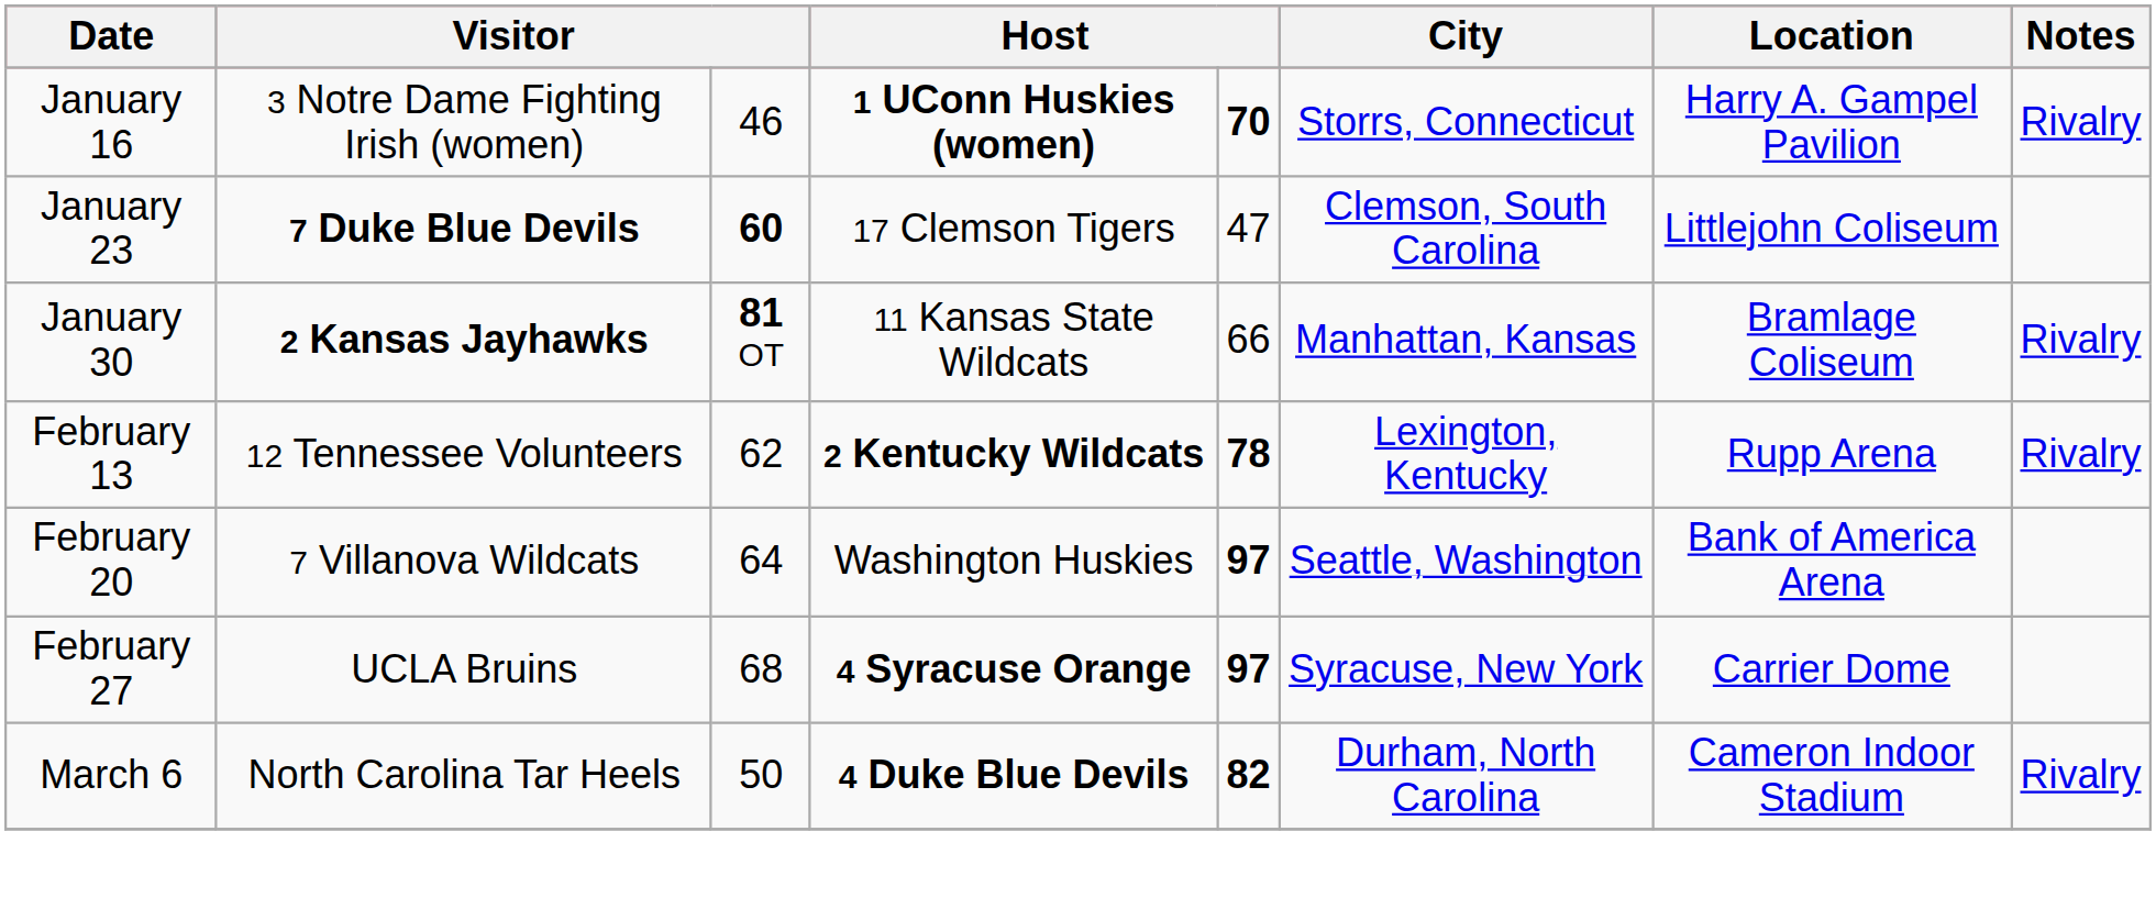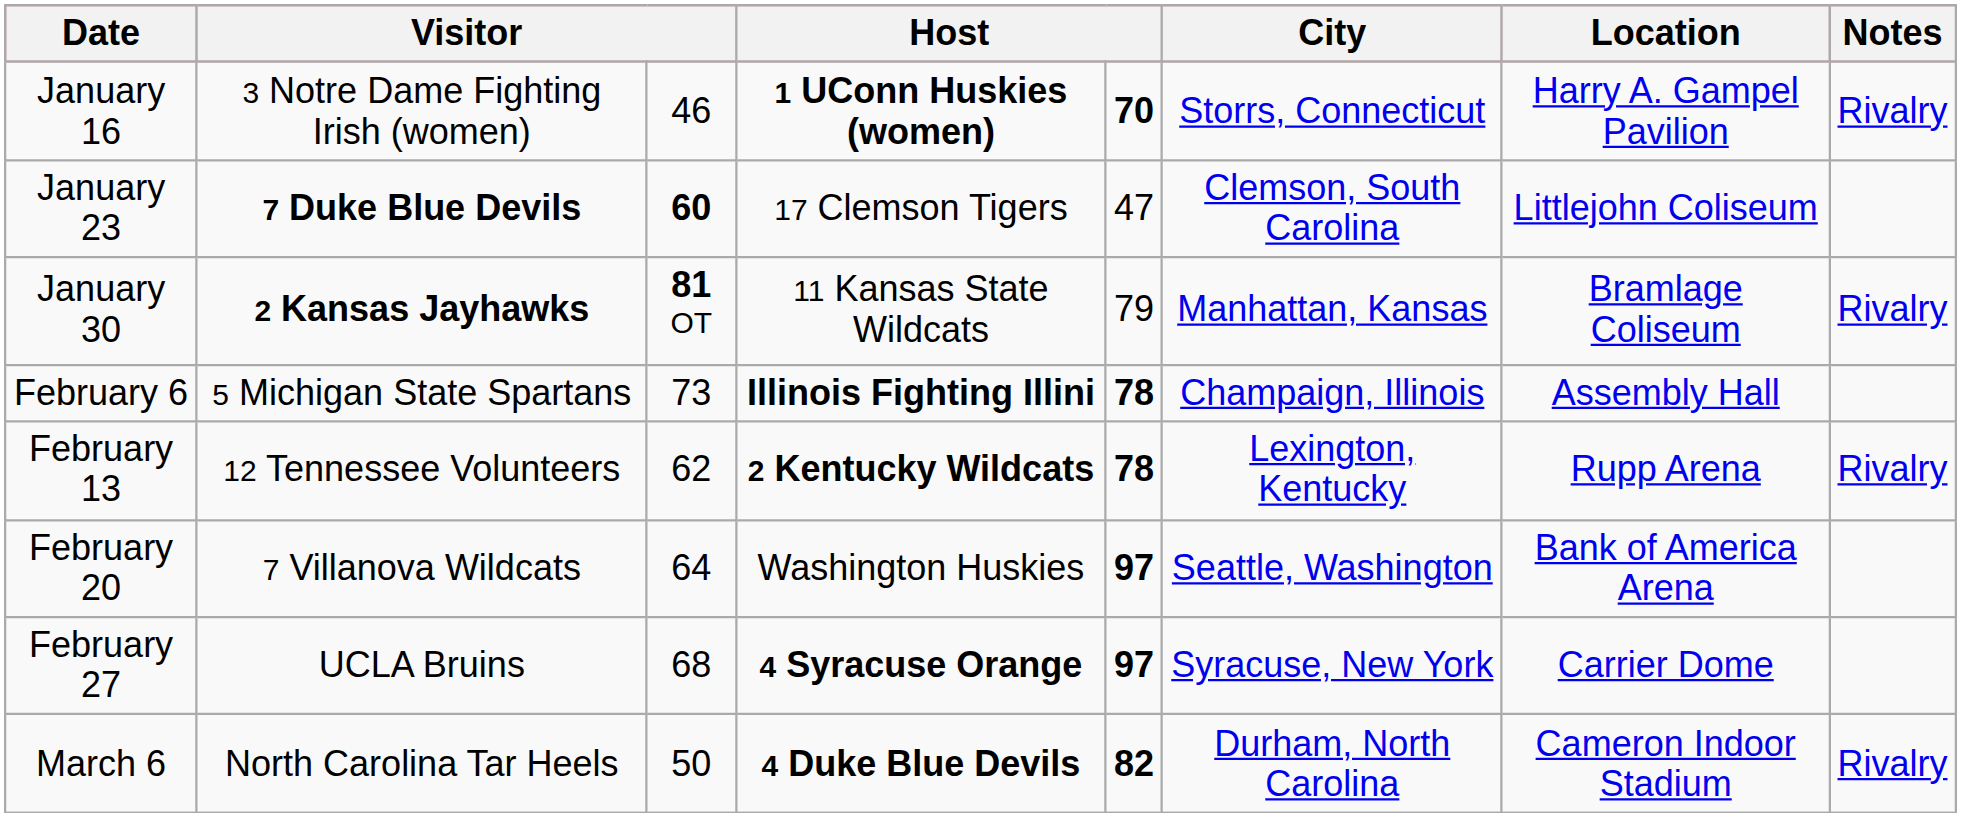 <table class="wikitable" style="text-align:center">
 <tr style="background:#A32638;"|>
 <th>Date</th>
 <th colspan=2>Visitor</th>
 <th colspan=2>Host</th>
 <th>City</th>
 <th>Location</th>
 <th>Notes</th>
 </tr>
 <tr>
 <td>January 16</td>
 <td><small>3</small> Notre Dame Fighting Irish (women)</td>
 <td>46</td>
 <td><strong><small>1</small> UConn Huskies (women)</strong></td>
 <td><strong>70</strong></td>
 <td><a href='#'>Storrs, Connecticut</a></td>
 <td><a href='#'>Harry A. Gampel Pavilion</a></td>
 <td><a href='#'>Rivalry</a></td>
 </tr>
 <tr>
 <td>January 23</td>
 <td><strong><small>7</small> Duke Blue Devils</strong></td>
 <td><strong>60</strong></td>
 <td><small>17</small> Clemson Tigers</td>
 <td>47</td>
 <td><a href='#'>Clemson, South Carolina</a></td>
 <td><a href='#'>Littlejohn Coliseum</a></td>
 <td></td>
 </tr>
 <tr>
 <td>January 30</td>
 <td><strong><small>2</small> Kansas Jayhawks</strong></td>
 <td><strong>81</strong> <sup>OT</sup></td>
 <td><small>11</small> Kansas State Wildcats</td>
-<td>66</td>
+<td>79</td>
 <td><a href='#'>Manhattan, Kansas</a></td>
 <td><a href='#'>Bramlage Coliseum</a></td>
 <td><a href='#'>Rivalry</a></td>
+</tr>
+<tr>
+<td>February 6</td>
+<td><small>5</small> Michigan State Spartans</td>
+<td>73</td>
+<td><strong>Illinois Fighting Illini</strong></td>
+<td><strong>78</strong></td>
+<td><a href='#'>Champaign, Illinois</a></td>
+<td><a href='#'>Assembly Hall</a></td>
+<td></td>
 </tr>
 <tr>
 <td>February 13</td>
 <td><small>12</small> Tennessee Volunteers</td>
 <td>62</td>
 <td><strong><small>2</small> Kentucky Wildcats</strong></td>
 <td><strong>78</strong></td>
 <td><a href='#'>Lexington, Kentucky</a></td>
 <td><a href='#'>Rupp Arena</a></td>
 <td><a href='#'>Rivalry</a></td>
 </tr>
 <tr>
 <td>February 20</td>
 <td><small>7</small> Villanova Wildcats</td>
 <td>64</td>
 <td>Washington Huskies</td>
 <td><strong>97</strong></td>
 <td><a href='#'>Seattle, Washington</a></td>
 <td><a href='#'>Bank of America Arena</a></td>
 <td></td>
 </tr>
 <tr>
 <td>February 27</td>
 <td>UCLA Bruins</td>
 <td>68</td>
 <td><strong><small>4</small> Syracuse Orange</strong></td>
 <td><strong>97</strong></td>
 <td><a href='#'>Syracuse, New York</a></td>
 <td><a href='#'>Carrier Dome</a></td>
 <td></td>
 </tr>
 <tr>
 <td>March 6</td>
 <td>North Carolina Tar Heels</td>
 <td>50</td>
 <td><strong><small>4</small> Duke Blue Devils</strong></td>
 <td><strong>82</strong></td>
 <td><a href='#'>Durham, North Carolina</a></td>
 <td><a href='#'>Cameron Indoor Stadium</a></td>
 <td><a href='#'>Rivalry</a></td>
 </tr>
 <tr>
 </tr>
 </table>
